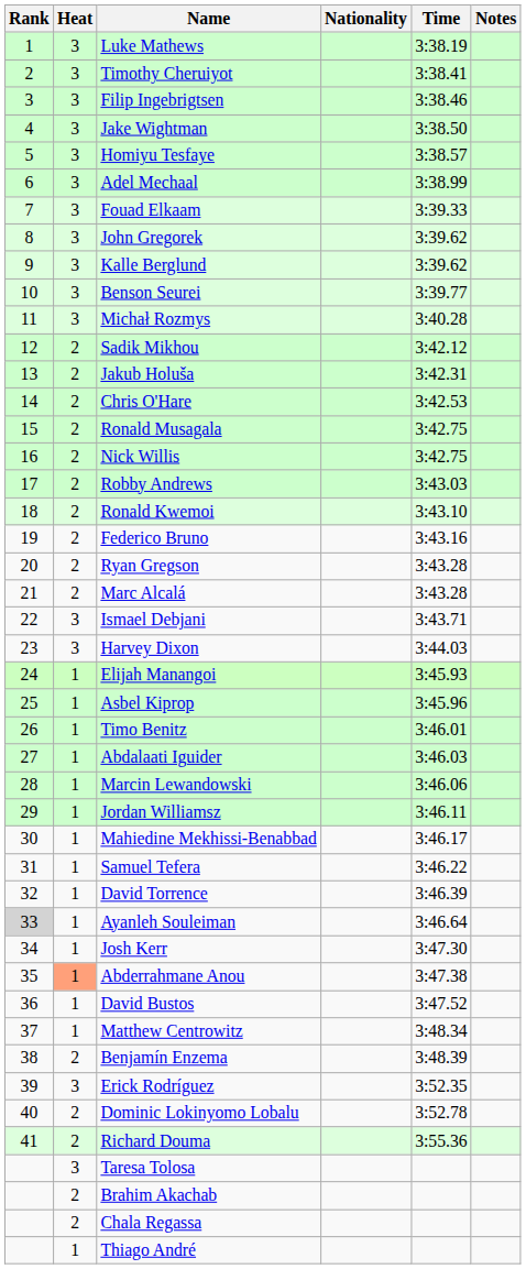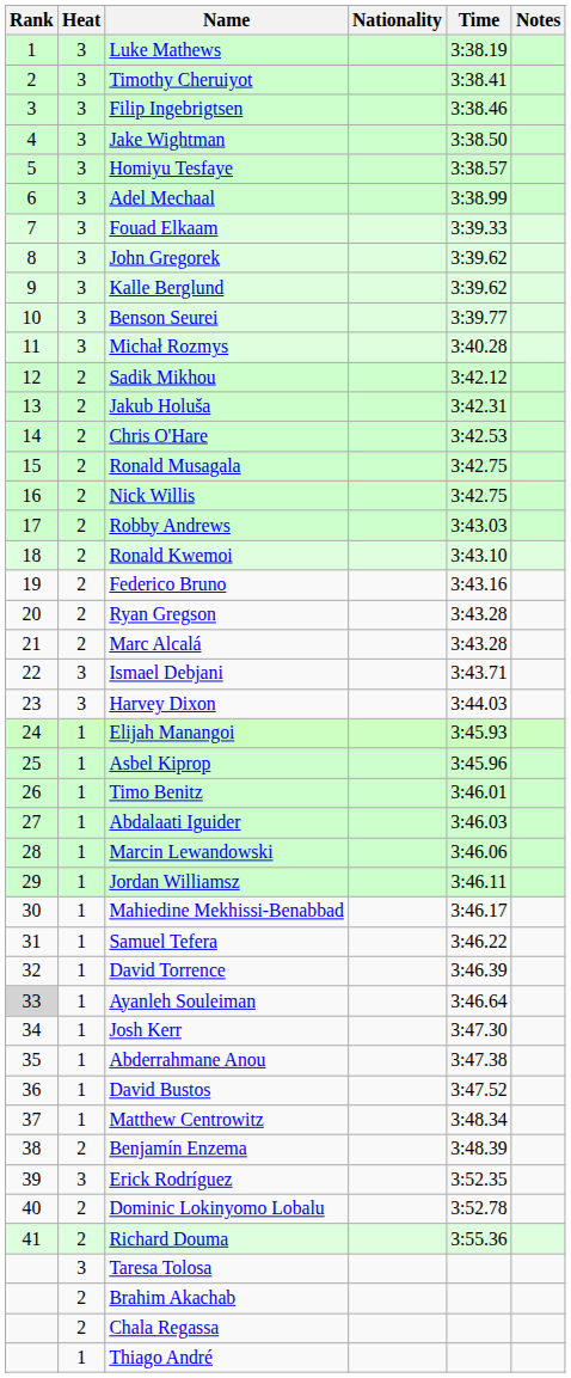 <table class="wikitable sortable" style="text-align:center">
 <tr>
 <th>Rank</th>
 <th>Heat</th>
 <th>Name</th>
 <th>Nationality</th>
 <th>Time</th>
 <th>Notes</th>
 </tr>
 <tr bgcolor=ccffcc>
 <td>1</td>
 <td>3</td>
 <td style="text-align:left;"><a href='#'>Luke Mathews</a></td>
 <td style="text-align:left;"></td>
 <td>3:38.19</td>
 <td></td>
 </tr>
 <tr bgcolor=ccffcc>
 <td>2</td>
 <td>3</td>
 <td style="text-align:left;"><a href='#'>Timothy Cheruiyot</a></td>
 <td style="text-align:left;"></td>
 <td>3:38.41</td>
 <td></td>
 </tr>
 <tr bgcolor=ccffcc>
 <td>3</td>
 <td>3</td>
 <td style="text-align:left;"><a href='#'>Filip Ingebrigtsen</a></td>
 <td style="text-align:left;"></td>
 <td>3:38.46</td>
 <td></td>
 </tr>
 <tr bgcolor=ccffcc>
 <td>4</td>
 <td>3</td>
 <td style="text-align:left;"><a href='#'>Jake Wightman</a></td>
 <td style="text-align:left;"></td>
 <td>3:38.50</td>
 <td></td>
 </tr>
 <tr bgcolor=ccffcc>
 <td>5</td>
 <td>3</td>
 <td style="text-align:left;"><a href='#'>Homiyu Tesfaye</a></td>
 <td style="text-align:left;"></td>
 <td>3:38.57</td>
 <td></td>
 </tr>
 <tr bgcolor=ccffcc>
 <td>6</td>
 <td>3</td>
 <td style="text-align:left;"><a href='#'>Adel Mechaal</a></td>
 <td style="text-align:left;"></td>
 <td>3:38.99</td>
 <td></td>
 </tr>
 <tr bgcolor=ddffdd>
 <td>7</td>
 <td>3</td>
 <td style="text-align:left;"><a href='#'>Fouad Elkaam</a></td>
 <td style="text-align:left;"></td>
 <td>3:39.33</td>
 <td></td>
 </tr>
 <tr bgcolor=ddffdd>
 <td>8</td>
 <td>3</td>
 <td style="text-align:left;"><a href='#'>John Gregorek</a></td>
 <td style="text-align:left;"></td>
 <td>3:39.62</td>
 <td></td>
 </tr>
 <tr bgcolor=ddffdd>
 <td>9</td>
 <td>3</td>
 <td style="text-align:left;"><a href='#'>Kalle Berglund</a></td>
 <td style="text-align:left;"></td>
 <td>3:39.62</td>
 <td></td>
 </tr>
 <tr bgcolor=ddffdd>
 <td>10</td>
 <td>3</td>
 <td style="text-align:left;"><a href='#'>Benson Seurei</a></td>
 <td style="text-align:left;"></td>
 <td>3:39.77</td>
 <td></td>
 </tr>
 <tr bgcolor=ddffdd>
 <td>11</td>
 <td>3</td>
 <td style="text-align:left;"><a href='#'>Michał Rozmys</a></td>
 <td style="text-align:left;"></td>
 <td>3:40.28</td>
 <td></td>
 </tr>
 <tr bgcolor=ccffcc>
 <td>12</td>
 <td>2</td>
 <td style="text-align:left;"><a href='#'>Sadik Mikhou</a></td>
 <td style="text-align:left;"></td>
 <td>3:42.12</td>
 <td></td>
 </tr>
 <tr bgcolor=ccffcc>
 <td>13</td>
 <td>2</td>
 <td style="text-align:left;"><a href='#'>Jakub Holuša</a></td>
 <td style="text-align:left;"></td>
 <td>3:42.31</td>
 <td></td>
 </tr>
 <tr bgcolor=ccffcc>
 <td>14</td>
 <td>2</td>
 <td style="text-align:left;"><a href='#'>Chris O'Hare</a></td>
 <td style="text-align:left;"></td>
 <td>3:42.53</td>
 <td></td>
 </tr>
 <tr bgcolor=ccffcc>
 <td>15</td>
 <td>2</td>
 <td style="text-align:left;"><a href='#'>Ronald Musagala</a></td>
 <td style="text-align:left;"></td>
 <td>3:42.75</td>
 <td></td>
 </tr>
 <tr bgcolor=ccffcc>
 <td>16</td>
 <td>2</td>
 <td style="text-align:left;"><a href='#'>Nick Willis</a></td>
 <td style="text-align:left;"></td>
 <td>3:42.75</td>
 <td></td>
 </tr>
 <tr bgcolor=ccffcc>
 <td>17</td>
 <td>2</td>
 <td style="text-align:left;"><a href='#'>Robby Andrews</a></td>
 <td style="text-align:left;"></td>
 <td>3:43.03</td>
 <td></td>
 </tr>
 <tr bgcolor=ddffdd>
 <td>18</td>
 <td>2</td>
 <td style="text-align:left;"><a href='#'>Ronald Kwemoi</a></td>
 <td style="text-align:left;"></td>
 <td>3:43.10</td>
 <td></td>
 </tr>
 <tr>
 <td>19</td>
 <td>2</td>
 <td style="text-align:left;"><a href='#'>Federico Bruno</a></td>
 <td style="text-align:left;"></td>
 <td>3:43.16</td>
 <td></td>
 </tr>
 <tr>
 <td>20</td>
 <td>2</td>
 <td style="text-align:left;"><a href='#'>Ryan Gregson</a></td>
 <td style="text-align:left;"></td>
 <td>3:43.28</td>
 <td></td>
 </tr>
 <tr>
 <td>21</td>
 <td>2</td>
 <td style="text-align:left;"><a href='#'>Marc Alcalá</a></td>
 <td style="text-align:left;"></td>
 <td>3:43.28</td>
 <td></td>
 </tr>
 <tr>
 <td>22</td>
 <td>3</td>
 <td style="text-align:left;"><a href='#'>Ismael Debjani</a></td>
 <td style="text-align:left;"></td>
 <td>3:43.71</td>
 <td></td>
 </tr>
 <tr>
 <td>23</td>
 <td>3</td>
 <td style="text-align:left;"><a href='#'>Harvey Dixon</a></td>
 <td style="text-align:left;"></td>
 <td>3:44.03</td>
 <td><strong></strong></td>
 </tr>
 <tr bgcolor=ccffc>
 <td>24</td>
 <td>1</td>
 <td style="text-align:left;"><a href='#'>Elijah Manangoi</a></td>
 <td style="text-align:left;"></td>
 <td>3:45.93</td>
 <td></td>
 </tr>
 <tr bgcolor=ccffcc>
 <td>25</td>
 <td>1</td>
 <td style="text-align:left;"><a href='#'>Asbel Kiprop</a></td>
 <td style="text-align:left;"></td>
 <td>3:45.96</td>
 <td></td>
 </tr>
 <tr bgcolor=ccffcc>
 <td>26</td>
 <td>1</td>
 <td style="text-align:left;"><a href='#'>Timo Benitz</a></td>
 <td style="text-align:left;"></td>
 <td>3:46.01</td>
 <td></td>
 </tr>
 <tr bgcolor=ccffcc>
 <td>27</td>
 <td>1</td>
 <td style="text-align:left;"><a href='#'>Abdalaati Iguider</a></td>
 <td style="text-align:left;"></td>
 <td>3:46.03</td>
 <td></td>
 </tr>
 <tr bgcolor=ccffcc>
 <td>28</td>
 <td>1</td>
 <td style="text-align:left;"><a href='#'>Marcin Lewandowski</a></td>
 <td style="text-align:left;"></td>
 <td>3:46.06</td>
 <td></td>
 </tr>
 <tr bgcolor=ccffcc>
 <td>29</td>
 <td>1</td>
 <td style="text-align:left;"><a href='#'>Jordan Williamsz</a></td>
 <td style="text-align:left;"></td>
 <td>3:46.11</td>
 <td></td>
 </tr>
 <tr>
 <td>30</td>
 <td>1</td>
 <td style="text-align:left;"><a href='#'>Mahiedine Mekhissi-Benabbad</a></td>
 <td style="text-align:left;"></td>
 <td>3:46.17</td>
 <td></td>
 </tr>
 <tr>
 <td>31</td>
 <td>1</td>
 <td style="text-align:left;"><a href='#'>Samuel Tefera</a></td>
 <td style="text-align:left;"></td>
 <td>3:46.22</td>
 <td></td>
 </tr>
 <tr>
 <td>32</td>
 <td>1</td>
 <td style="text-align:left;"><a href='#'>David Torrence</a></td>
 <td style="text-align:left;"></td>
 <td>3:46.39</td>
 <td></td>
 </tr>
 <tr>
 <td style="background: lightgrey;">33</td>
 <td>1</td>
 <td style="text-align:left;"><a href='#'>Ayanleh Souleiman</a></td>
 <td style="text-align:left;"></td>
 <td>3:46.64</td>
 <td></td>
 </tr>
 <tr>
 <td>34</td>
 <td>1</td>
 <td style="text-align:left;"><a href='#'>Josh Kerr</a></td>
 <td style="text-align:left;"></td>
 <td>3:47.30</td>
 <td></td>
 </tr>
 <tr>
 <td>35</td>
-<td style="background: lightsalmon;">1</td>
+<td>1</td>
 <td style="text-align:left;"><a href='#'>Abderrahmane Anou</a></td>
 <td style="text-align:left;"></td>
 <td>3:47.38</td>
 <td></td>
 </tr>
 <tr>
 <td>36</td>
 <td>1</td>
 <td style="text-align:left;"><a href='#'>David Bustos</a></td>
 <td style="text-align:left;"></td>
 <td>3:47.52</td>
 <td></td>
 </tr>
 <tr>
 <td>37</td>
 <td>1</td>
 <td style="text-align:left;"><a href='#'>Matthew Centrowitz</a></td>
 <td style="text-align:left;"></td>
 <td>3:48.34</td>
 <td></td>
 </tr>
 <tr>
 <td>38</td>
 <td>2</td>
 <td style="text-align:left;"><a href='#'>Benjamín Enzema</a></td>
 <td style="text-align:left;"></td>
 <td>3:48.39</td>
 <td></td>
 </tr>
 <tr>
 <td>39</td>
 <td>3</td>
 <td style="text-align:left;"><a href='#'>Erick Rodríguez</a></td>
 <td style="text-align:left;"></td>
 <td>3:52.35</td>
 <td></td>
 </tr>
 <tr>
 <td>40</td>
 <td>2</td>
 <td style="text-align:left;"><a href='#'>Dominic Lokinyomo Lobalu</a></td>
 <td style="text-align:left;"></td>
 <td>3:52.78</td>
 <td></td>
 </tr>
 <tr bgcolor=ddffdd>
 <td>41</td>
 <td>2</td>
 <td style="text-align:left;"><a href='#'>Richard Douma</a></td>
 <td style="text-align:left;"></td>
 <td>3:55.36</td>
 <td></td>
 </tr>
 <tr>
 <td></td>
 <td>3</td>
 <td style="text-align:left;"><a href='#'>Taresa Tolosa</a></td>
 <td style="text-align:left;"></td>
 <td></td>
 <td></td>
 </tr>
 <tr>
 <td></td>
 <td>2</td>
 <td style="text-align:left;"><a href='#'>Brahim Akachab</a></td>
 <td style="text-align:left;"></td>
 <td></td>
 <td></td>
 </tr>
 <tr>
 <td></td>
 <td>2</td>
 <td style="text-align:left;"><a href='#'>Chala Regassa</a></td>
 <td style="text-align:left;"></td>
 <td></td>
 <td></td>
 </tr>
 <tr>
 <td></td>
 <td>1</td>
 <td style="text-align:left;"><a href='#'>Thiago André</a></td>
 <td style="text-align:left;"></td>
 <td></td>
 <td></td>
 </tr>
 </table>
